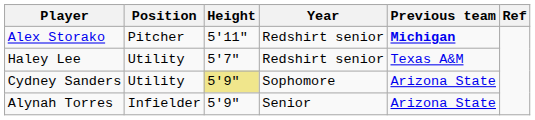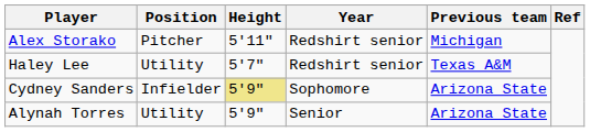 <table class="wikitable sortable sortable">
 <tr>
 <th style="text-align:center; ">Player</th>
 <th style="text-align:center; ">Position</th>
 <th style="text-align:center; ">Height</th>
 <th style="text-align:center; ">Year</th>
 <th style="text-align:center; ">Previous team</th>
 <th style="text-align:center; ">Ref</th>
 </tr>
 <tr>
 <td><a href='#'>Alex Storako</a></td>
 <td>Pitcher</td>
 <td>5'11"</td>
 <td> Redshirt senior</td>
-<td><strong><a href='#'>Michigan</a></strong></td>
+<td><a href='#'>Michigan</a></td>
 <td rowspan="4"></td>
 </tr>
 <tr>
 <td>Haley Lee</td>
 <td>Utility</td>
 <td>5'7"</td>
 <td> Redshirt senior</td>
 <td><a href='#'>Texas A&M</a></td>
 </tr>
 <tr>
 <td>Cydney Sanders</td>
-<td>Utility</td>
+<td>Infielder</td>
 <td style="background: khaki;">5'9"</td>
 <td>Sophomore</td>
 <td><a href='#'>Arizona State</a></td>
 </tr>
 <tr>
 <td>Alynah Torres</td>
-<td>Infielder</td>
+<td>Utility</td>
 <td>5'9"</td>
 <td>Senior</td>
 <td><a href='#'>Arizona State</a></td>
 </tr>
 </table>
